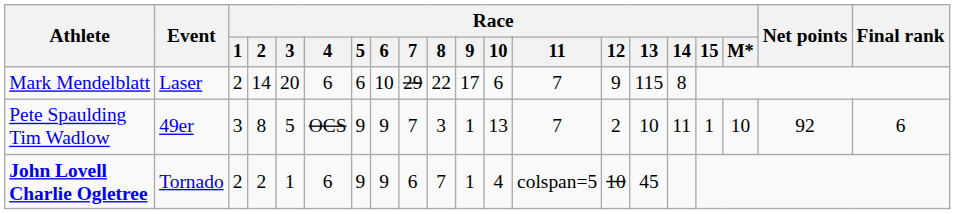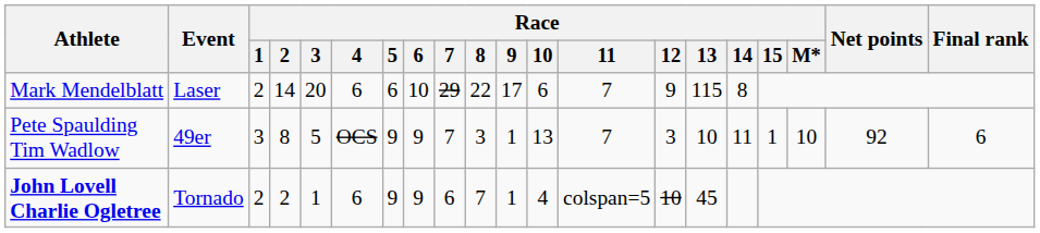 <table class=wikitable style=font-size:90%;text-align:center>
 <tr>
 <th rowspan=2>Athlete</th>
 <th rowspan=2>Event</th>
 <th colspan=16>Race</th>
 <th rowspan=2>Net points</th>
 <th rowspan=2>Final rank</th>
 </tr>
 <tr style=font-size:95%>
 <th>1</th>
 <th>2</th>
 <th>3</th>
 <th>4</th>
 <th>5</th>
 <th>6</th>
 <th>7</th>
 <th>8</th>
 <th>9</th>
 <th>10</th>
 <th>11</th>
 <th>12</th>
 <th>13</th>
 <th>14</th>
 <th>15</th>
 <th>M*</th>
 </tr>
 <tr>
 <td align=left><a href='#'>Mark Mendelblatt</a></td>
 <td align=left><a href='#'>Laser</a></td>
 <td>2</td>
 <td>14</td>
 <td>20</td>
 <td>6</td>
 <td>6</td>
 <td>10</td>
 <td><s>29</s></td>
 <td>22</td>
 <td>17</td>
 <td>6</td>
 <td>7</td>
 <td>9</td>
 <td>115</td>
 <td>8</td>
 </tr>
 <tr>
 <td align=left><a href='#'>Pete Spaulding</a><br><a href='#'>Tim Wadlow</a></td>
 <td align=left><a href='#'>49er</a></td>
 <td>3</td>
 <td>8</td>
 <td>5</td>
 <td><s>OCS</s></td>
 <td>9</td>
 <td>9</td>
 <td>7</td>
 <td>3</td>
 <td>1</td>
 <td>13</td>
 <td>7</td>
-<td>2</td>
+<td>3</td>
 <td>10</td>
 <td>11</td>
 <td>1</td>
 <td>10</td>
 <td>92</td>
 <td>6</td>
 </tr>
 <tr>
 <td align=left><strong><a href='#'>John Lovell</a><br><a href='#'>Charlie Ogletree</a></strong></td>
 <td align=left><a href='#'>Tornado</a></td>
 <td>2</td>
 <td>2</td>
 <td>1</td>
 <td>6</td>
 <td>9</td>
 <td>9</td>
 <td>6</td>
 <td>7</td>
 <td>1</td>
 <td>4</td>
 <td>colspan=5 </td>
 <td><s>10</s></td>
 <td>45</td>
 <td></td>
 </tr>
 </table>
